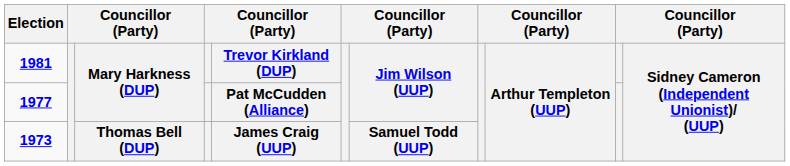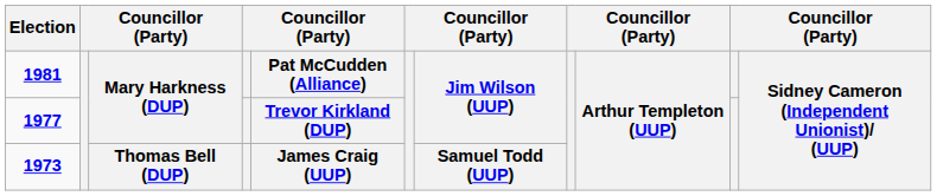 <table class="wikitable" style="text-align:center">
 <tr>
 <th scope="col" width="50">Election</th>
 <th scope="col" width="150" colspan = "2">Councillor<br> (Party)</th>
 <th scope="col" width="150" colspan = "2">Councillor<br> (Party)</th>
 <th scope="col" width="150" colspan = "2">Councillor<br> (Party)</th>
 <th scope="col" width="150" colspan = "2">Councillor<br> (Party)</th>
 <th scope="col" width="150" colspan = "2">Councillor<br> (Party)</th>
 </tr>
 <tr>
 <td><strong><a href='#'>1981</a></strong></td>
 <th rowspan="3" width="1" style="background-color: "></th>
 <th rowspan = "2">Mary Harkness <br> (<a href='#'>DUP</a>)</th>
 <th rowspan="1" width="1" style="background-color: "></th>
-<th rowspan = "1"><a href='#'>Trevor Kirkland</a> <br> (<a href='#'>DUP</a>)</th>
+<th rowspan = "1">Pat McCudden <br> (<a href='#'>Alliance</a>)</th>
 <th rowspan="3" width="1" style="background-color: "></th>
 <th rowspan = "2"><a href='#'>Jim Wilson</a> <br> (<a href='#'>UUP</a>)</th>
 <th rowspan="3" width="1" style="background-color: "></th>
 <th rowspan = "3">Arthur Templeton <br> (<a href='#'>UUP</a>)</th>
 <th rowspan="1" width="1" style="background-color: "></th>
 <th rowspan = "3">Sidney Cameron <br> (<a href='#'>Independent Unionist</a>)/ <br> (<a href='#'>UUP</a>)</th>
 </tr>
 <tr>
 <td><strong><a href='#'>1977</a></strong></td>
 <th rowspan="1" width="1" style="background-color: "></th>
-<th rowspan = "1">Pat McCudden <br> (<a href='#'>Alliance</a>)</th>
+<th rowspan = "1"><a href='#'>Trevor Kirkland</a> <br> (<a href='#'>DUP</a>)</th>
 <th rowspan="3" width="1" style="background-color: "></th>
 </tr>
 <tr>
 <td><strong><a href='#'>1973</a></strong></td>
 <th rowspan = "1">Thomas Bell <br> (<a href='#'>DUP</a>)</th>
 <th rowspan="1" width="1" style="background-color: "></th>
 <th rowspan = "1">James Craig <br> (<a href='#'>UUP</a>)</th>
 <th rowspan = "1">Samuel Todd <br> (<a href='#'>UUP</a>)</th>
 </tr>
 </table>
